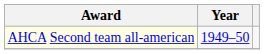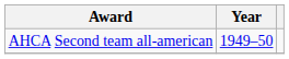 <table class="wikitable">
 <tr>
 <th>Award</th>
 <th>Year</th>
 <th></th>
 </tr>
 <tr>
-<td style="background: lightyellow;"><a href='#'>AHCA</a> <a href='#'>Second team all-american</a></td>
+<td><a href='#'>AHCA</a> <a href='#'>Second team all-american</a></td>
 <td><a href='#'>1949–50</a></td>
 <td></td>
 </tr>
 <tr>
 </tr>
 </table>
